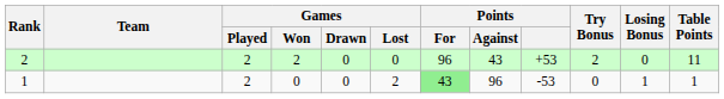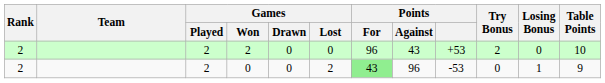 <table class="wikitable"  style="text-align: center;">
 <tr>
 <th rowspan="2" width="20">Rank</th>
 <th rowspan="2" width="200">Team</th>
 <th colspan="4">Games</th>
 <th colspan="3">Points</th>
 <th rowspan="2" width="50">Try Bonus</th>
 <th rowspan="2" width="50">Losing Bonus</th>
 <th rowspan="2" width="50">Table Points</th>
 </tr>
 <tr>
 <th width="50">Played</th>
 <th width="50">Won</th>
 <th width="50">Drawn</th>
 <th width="50">Lost</th>
 <th width="50">For</th>
 <th width="50">Against</th>
 <th width="50"></th>
 </tr>
 <tr bgcolor=ccffcc>
 <td>2</td>
 <td align="left"></td>
 <td>2</td>
 <td>2</td>
 <td>0</td>
 <td>0</td>
 <td>96</td>
 <td>43</td>
 <td>+53</td>
 <td>2</td>
 <td>0</td>
-<td>11</td>
+<td>10</td>
 </tr>
 <tr>
-<td>1</td>
+<td>2</td>
 <td align="left"></td>
 <td>2</td>
 <td>0</td>
 <td>0</td>
 <td>2</td>
 <td style="background: lightgreen;">43</td>
 <td>96</td>
 <td>-53</td>
 <td>0</td>
 <td>1</td>
-<td>1</td>
+<td>9</td>
 </tr>
 </table>
